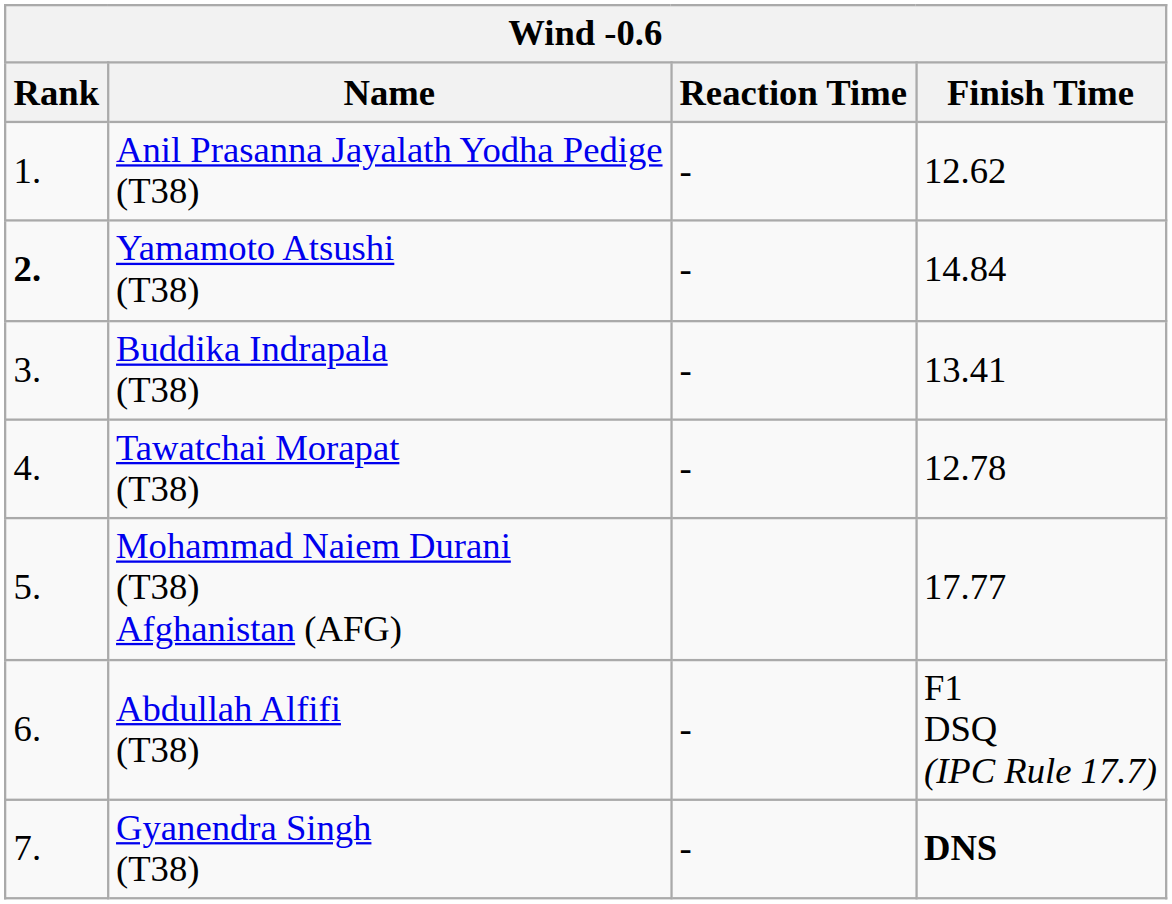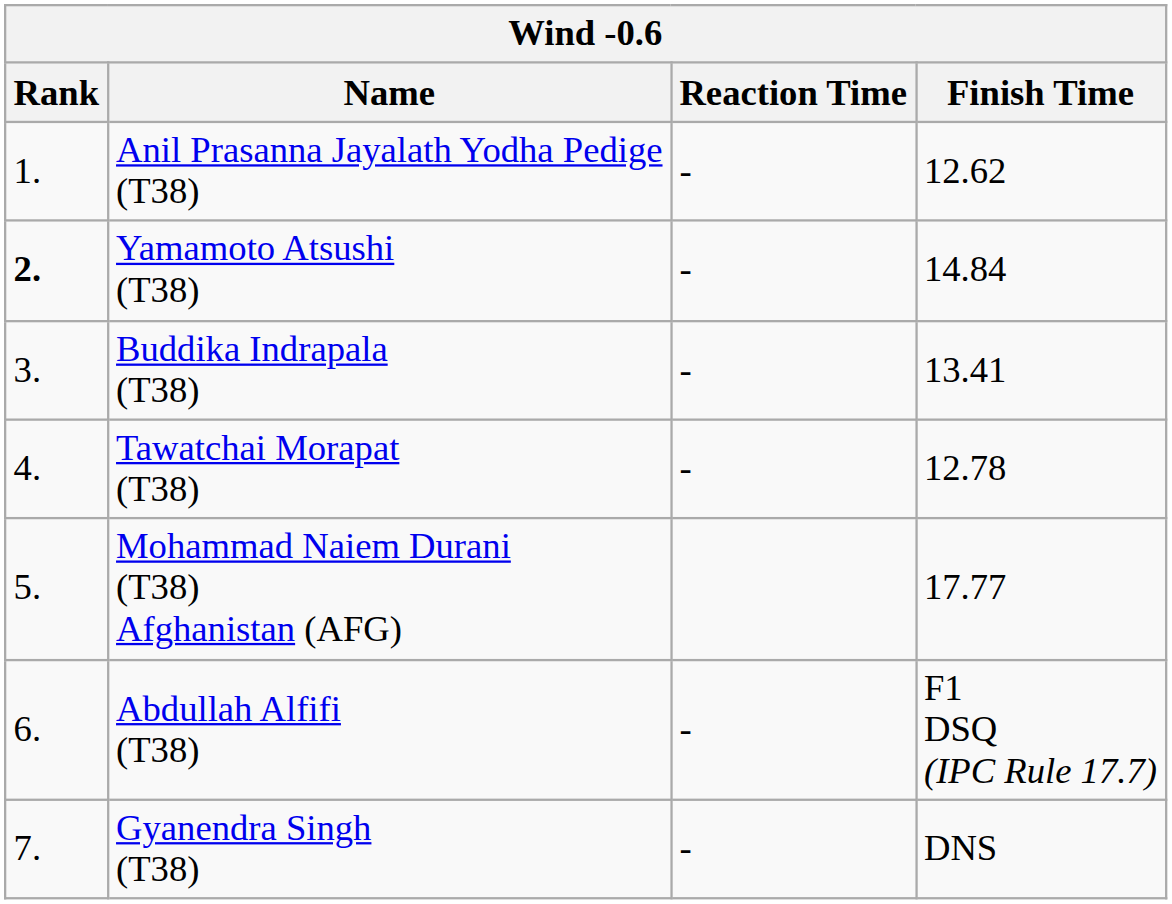 <table class="wikitable">
 <tr>
 <th colspan="4">Wind -0.6</th>
 </tr>
 <tr>
 <th>Rank</th>
 <th>Name</th>
 <th>Reaction Time</th>
 <th>Finish Time</th>
 </tr>
 <tr>
 <td>1.</td>
 <td><a href='#'>Anil Prasanna Jayalath Yodha Pedige</a><br>(T38) <br> </td>
 <td>-</td>
 <td>12.62</td>
 </tr>
 <tr>
 <td><strong>2.</strong></td>
 <td><a href='#'>Yamamoto Atsushi</a><br>(T38) <br> </td>
 <td>-</td>
 <td>14.84</td>
 </tr>
 <tr>
 <td>3.</td>
 <td><a href='#'>Buddika Indrapala</a><br>(T38) <br> </td>
 <td>-</td>
 <td>13.41</td>
 </tr>
 <tr>
 <td>4.</td>
 <td><a href='#'>Tawatchai Morapat</a><br>(T38) <br> </td>
 <td>-</td>
 <td>12.78</td>
 </tr>
 <tr>
 <td>5.</td>
 <td><a href='#'>Mohammad Naiem Durani</a><br>(T38)<br>  <a href='#'>Afghanistan</a> (AFG)</td>
 <td></td>
 <td>17.77</td>
 </tr>
 <tr>
 <td>6.</td>
 <td><a href='#'>Abdullah Alfifi</a><br>(T38) <br> </td>
 <td>-</td>
 <td>F1<br>DSQ<br><em>(IPC Rule 17.7)</em></td>
 </tr>
 <tr>
 <td>7.</td>
 <td><a href='#'>Gyanendra Singh</a><br>(T38) <br> </td>
 <td>-</td>
-<td><strong>DNS</strong></td>
+<td>DNS</td>
 </tr>
 </table>
